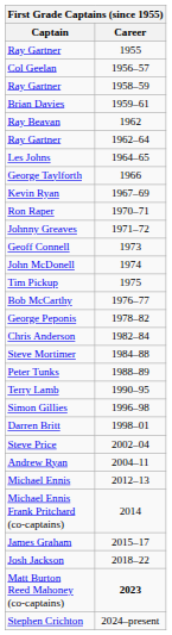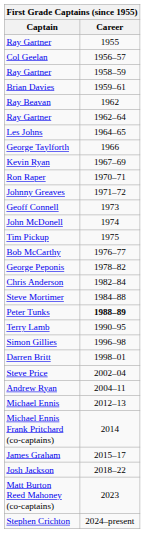 <table class="wikitable" style="font-size:95%">
 <tr style="background:#efefef;">
 <th colspan=11>First Grade Captains (since 1955)</th>
 </tr>
 <tr style="background:#efefef;">
 <th>Captain</th>
 <th>Career</th>
 </tr>
 <tr>
 <td> <a href='#'>Ray Gartner</a></td>
 <td style="text-align:center;">1955</td>
 </tr>
 <tr>
 <td> <a href='#'>Col Geelan</a></td>
 <td style="text-align:center;">1956–57</td>
 </tr>
 <tr>
 <td> <a href='#'>Ray Gartner</a></td>
 <td style="text-align:center;">1958–59</td>
 </tr>
 <tr>
 <td> <a href='#'>Brian Davies</a></td>
 <td style="text-align:center;">1959–61</td>
 </tr>
 <tr>
 <td> <a href='#'>Ray Beavan</a></td>
 <td style="text-align:center;">1962</td>
 </tr>
 <tr>
 <td> <a href='#'>Ray Gartner</a></td>
 <td style="text-align:center;">1962–64</td>
 </tr>
 <tr>
 <td> <a href='#'>Les Johns</a></td>
 <td style="text-align:center;">1964–65</td>
 </tr>
 <tr>
 <td> <a href='#'>George Taylforth</a></td>
 <td style="text-align:center;">1966</td>
 </tr>
 <tr>
 <td> <a href='#'>Kevin Ryan</a></td>
 <td style="text-align:center;">1967–69</td>
 </tr>
 <tr>
 <td> <a href='#'>Ron Raper</a></td>
 <td style="text-align:center;">1970–71</td>
 </tr>
 <tr>
 <td> <a href='#'>Johnny Greaves</a></td>
 <td style="text-align:center;">1971–72</td>
 </tr>
 <tr>
 <td> <a href='#'>Geoff Connell</a></td>
 <td style="text-align:center;">1973</td>
 </tr>
 <tr>
 <td> <a href='#'>John McDonell</a></td>
 <td style="text-align:center;">1974</td>
 </tr>
 <tr>
 <td> <a href='#'>Tim Pickup</a></td>
 <td style="text-align:center;">1975</td>
 </tr>
 <tr>
 <td> <a href='#'>Bob McCarthy</a></td>
 <td style="text-align:center;">1976–77</td>
 </tr>
 <tr>
 <td> <a href='#'>George Peponis</a></td>
 <td style="text-align:center;">1978–82</td>
 </tr>
 <tr>
 <td> <a href='#'>Chris Anderson</a></td>
 <td style="text-align:center;">1982–84</td>
 </tr>
 <tr>
 <td> <a href='#'>Steve Mortimer</a></td>
 <td style="text-align:center;">1984–88</td>
 </tr>
 <tr>
 <td> <a href='#'>Peter Tunks</a></td>
-<td style="text-align:center;">1988–89</td>
+<td style="text-align:center;"><strong>1988–89</strong></td>
 </tr>
 <tr>
 <td> <a href='#'>Terry Lamb</a></td>
 <td style="text-align:center;">1990–95</td>
 </tr>
 <tr>
 <td> <a href='#'>Simon Gillies</a></td>
 <td style="text-align:center;">1996–98</td>
 </tr>
 <tr>
 <td> <a href='#'>Darren Britt</a></td>
 <td style="text-align:center;">1998–01</td>
 </tr>
 <tr>
 <td> <a href='#'>Steve Price</a></td>
 <td style="text-align:center;">2002–04</td>
 </tr>
 <tr>
 <td> <a href='#'>Andrew Ryan</a></td>
 <td style="text-align:center;">2004–11</td>
 </tr>
 <tr>
 <td> <a href='#'>Michael Ennis</a></td>
 <td style="text-align:center;">2012–13</td>
 </tr>
 <tr>
 <td> <a href='#'>Michael Ennis</a> <br> <a href='#'>Frank Pritchard</a><br>(co-captains)</td>
 <td style="text-align:center;">2014</td>
 </tr>
 <tr>
 <td> <a href='#'>James Graham</a></td>
 <td style="text-align:center;">2015–17</td>
 </tr>
 <tr>
 <td> <a href='#'>Josh Jackson</a></td>
 <td style="text-align:center;">2018–22</td>
 </tr>
 <tr>
 <td> <a href='#'>Matt Burton</a> <br> <a href='#'>Reed Mahoney</a><br>(co-captains)</td>
-<td style="text-align:center;"><strong>2023</strong></td>
+<td style="text-align:center;">2023</td>
 </tr>
 <tr>
 <td> <a href='#'>Stephen Crichton</a></td>
 <td style="text-align:center;">2024–present</td>
 </tr>
 </table>
